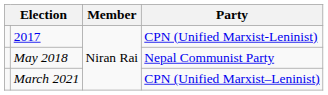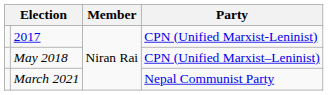 <table class="wikitable">
 <tr>
 <th colspan="2">Election</th>
 <th>Member</th>
 <th>Party</th>
 </tr>
 <tr>
 <td style="background-color:"></td>
 <td><a href='#'>2017</a></td>
 <td rowspan="3">Niran Rai</td>
 <td><a href='#'>CPN (Unified Marxist-Leninist)</a></td>
 </tr>
 <tr>
 <td style="background-color:"></td>
 <td><em>May 2018</em></td>
-<td><a href='#'>Nepal Communist Party</a></td>
+<td><a href='#'>CPN (Unified Marxist–Leninist)</a></td>
 </tr>
 <tr>
 <td style="background-color:"></td>
 <td><em>March 2021</em></td>
-<td><a href='#'>CPN (Unified Marxist–Leninist)</a></td>
+<td><a href='#'>Nepal Communist Party</a></td>
 </tr>
 </table>
